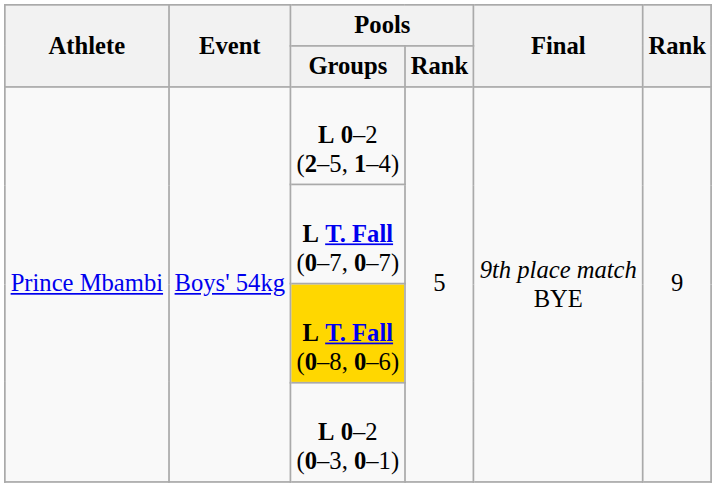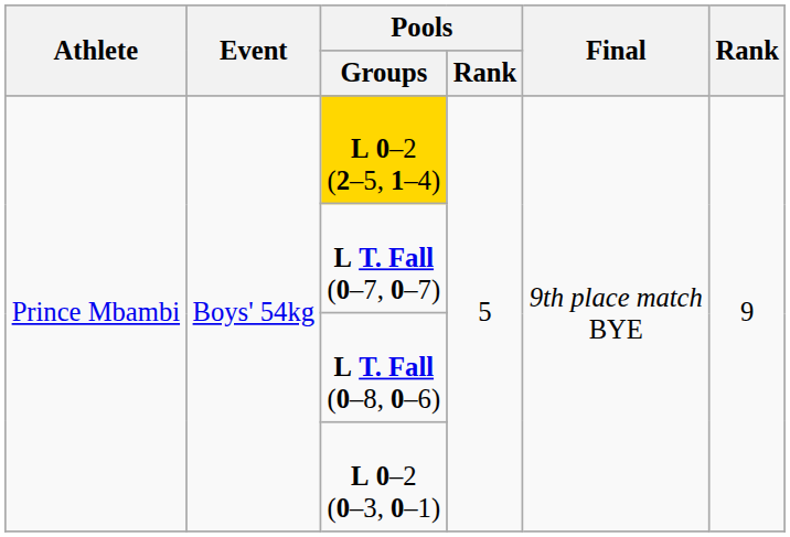 <table class="wikitable" style="text-align:left; font-size:90%">
 <tr>
 <th rowspan="2">Athlete</th>
 <th rowspan="2">Event</th>
 <th colspan="2">Pools</th>
 <th rowspan="2">Final</th>
 <th rowspan="2">Rank</th>
 </tr>
 <tr>
 <th>Groups</th>
 <th>Rank</th>
 </tr>
 <tr>
 <td rowspan="4"><a href='#'>Prince Mbambi</a></td>
 <td rowspan="4"><a href='#'>Boys' 54kg</a></td>
-<td align=center><br><strong>L</strong> <strong>0</strong>–2<br>(<strong>2</strong>–5, <strong>1</strong>–4)</td>
+<td align=center style="background: gold;"><br><strong>L</strong> <strong>0</strong>–2<br>(<strong>2</strong>–5, <strong>1</strong>–4)</td>
 <td rowspan="4" align=center>5</td>
 <td align=center rowspan=4><em>9th place match</em><br>BYE</td>
 <td rowspan="4" align="center">9</td>
 </tr>
 <tr>
 <td align=center><br><strong>L</strong> <strong><a href='#'>T. Fall</a></strong><br>(<strong>0</strong>–7, <strong>0</strong>–7)</td>
 </tr>
 <tr>
-<td align=center style="background: gold;"><br><strong>L</strong> <strong><a href='#'>T. Fall</a></strong><br>(<strong>0</strong>–8, <strong>0</strong>–6)</td>
+<td align=center><br><strong>L</strong> <strong><a href='#'>T. Fall</a></strong><br>(<strong>0</strong>–8, <strong>0</strong>–6)</td>
 </tr>
 <tr>
 <td align=center><br><strong>L</strong> <strong>0</strong>–2<br>(<strong>0</strong>–3, <strong>0</strong>–1)</td>
 </tr>
 </table>
